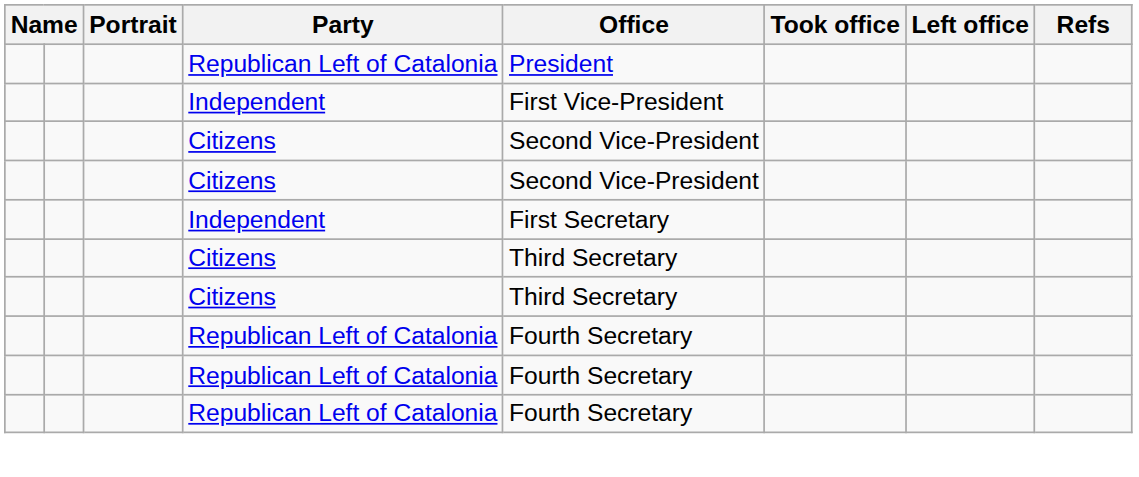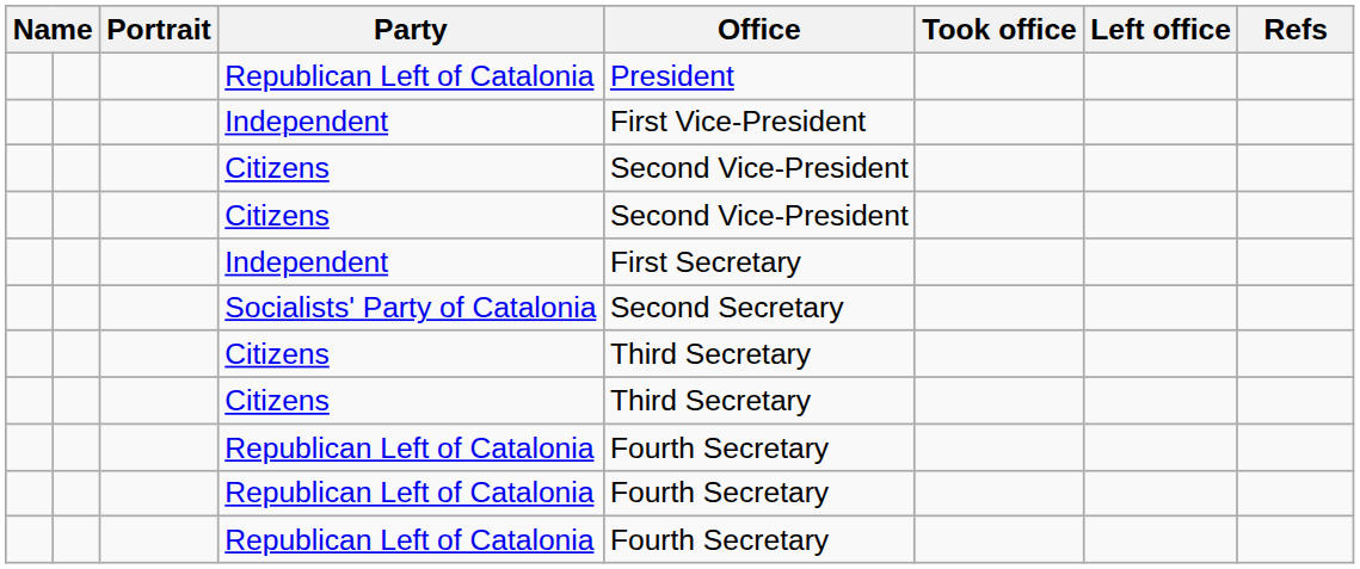 <table class="wikitable plainrowheaders sortable mw-collapsible mw-collapsed" style="font-size:90%; text-align:left;">
 <tr>
 <th scope=col colspan="2">Name</th>
 <th scope=col class=unsortable>Portrait</th>
 <th scope=col>Party</th>
 <th scope=col>Office</th>
 <th scope=col>Took office</th>
 <th scope=col>Left office</th>
 <th scope=col width=50px class=unsortable>Refs</th>
 </tr>
 <tr>
 <td !align="center" style="background:"></td>
 <td></td>
 <td align=center></td>
 <td><a href='#'>Republican Left of Catalonia</a></td>
 <td><a href='#'>President</a></td>
 <td align=center></td>
 <td align=center></td>
 <td align=center></td>
 </tr>
 <tr>
 <td !align="center" style="background:"></td>
 <td></td>
 <td align=center></td>
 <td><a href='#'>Independent</a></td>
 <td>First Vice-President</td>
 <td align=center></td>
 <td align=center></td>
 <td align=center></td>
 </tr>
 <tr>
 <td !align="center" style="background:"></td>
 <td></td>
 <td align=center></td>
 <td><a href='#'>Citizens</a></td>
 <td>Second Vice-President</td>
 <td align=center></td>
 <td align=center></td>
 <td align=center></td>
 </tr>
 <tr>
 <td !align="center" style="background:"></td>
 <td></td>
 <td align=center></td>
 <td><a href='#'>Citizens</a></td>
 <td>Second Vice-President</td>
 <td align=center></td>
 <td align=center></td>
 <td align=center></td>
 </tr>
 <tr>
 <td !align="center" style="background:"></td>
 <td></td>
 <td align=center></td>
 <td><a href='#'>Independent</a></td>
 <td>First Secretary</td>
 <td align=center></td>
 <td align=center></td>
 <td align=center></td>
 </tr>
 <tr>
 <td !align="center" style="background:"></td>
 <td></td>
 <td align=center></td>
+<td><a href='#'>Socialists' Party of Catalonia</a></td>
+<td>Second Secretary</td>
+<td align=center></td>
+<td align=center></td>
+<td align=center></td>
+</tr>
+<tr>
+<td !align="center" style="background:"></td>
+<td></td>
+<td align=center></td>
 <td><a href='#'>Citizens</a></td>
 <td>Third Secretary</td>
 <td align=center></td>
 <td align=center></td>
 <td align=center></td>
 </tr>
 <tr>
 <td !align="center" style="background:"></td>
 <td></td>
 <td align=center></td>
 <td><a href='#'>Citizens</a></td>
 <td>Third Secretary</td>
 <td align=center></td>
 <td align=center></td>
 <td align=center></td>
 </tr>
 <tr>
 <td !align="center" style="background:"></td>
 <td></td>
 <td align=center></td>
 <td><a href='#'>Republican Left of Catalonia</a></td>
 <td>Fourth Secretary</td>
 <td align=center></td>
 <td align=center></td>
 <td align=center></td>
 </tr>
 <tr>
 <td !align="center" style="background:"></td>
 <td></td>
 <td align=center></td>
 <td><a href='#'>Republican Left of Catalonia</a></td>
 <td>Fourth Secretary</td>
 <td align=center></td>
 <td align=center></td>
 <td align=center></td>
 </tr>
 <tr>
 <td !align="center" style="background:"></td>
 <td></td>
 <td align=center></td>
 <td><a href='#'>Republican Left of Catalonia</a></td>
 <td>Fourth Secretary</td>
 <td align=center></td>
 <td align=center></td>
 <td align=center></td>
 </tr>
 </table>
